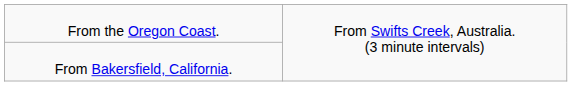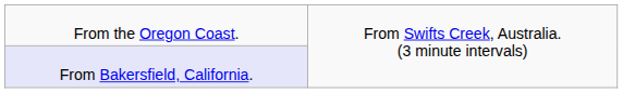 <table class=wikitable width=640>
 <tr valign=top align=center>
 <td><br>From the <a href='#'>Oregon Coast</a>.</td>
 <td rowspan=2><br>From <a href='#'>Swifts Creek</a>, Australia.<br>(3 minute intervals)</td>
 </tr>
 <tr align=center>
-<td><br>From <a href='#'>Bakersfield, California</a>.</td>
+<td style="background: lavender;"><br>From <a href='#'>Bakersfield, California</a>.</td>
 </tr>
 </table>
